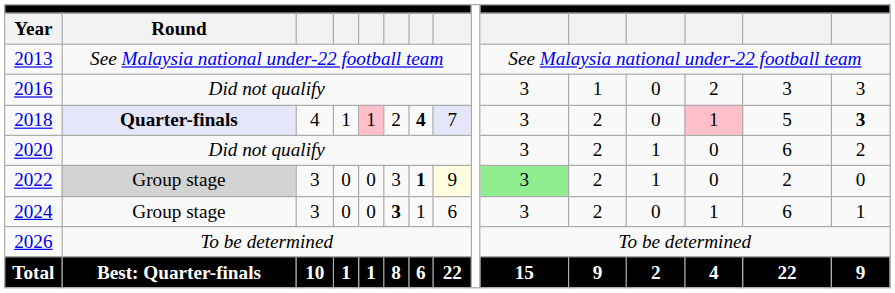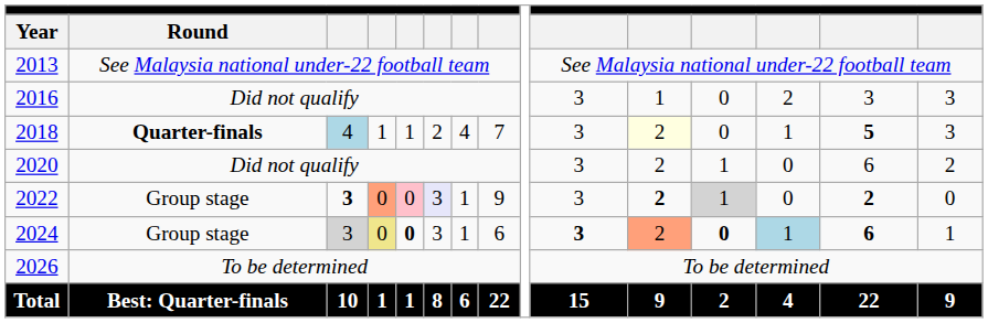 <table class="wikitable" style="text-align:center;">
 <tr>
 <th colspan="8" style="background: #000000; color: #FFFFFF;"><a href='#'></a></th>
 <th style="width:1%; background:#ffffff;" rowspan="10"></th>
 <th colspan="6" style="background: #000000; color: #FFFFFF;"><a href='#'></a></th>
 </tr>
 <tr>
 <th>Year</th>
 <th>Round</th>
 <th></th>
 <th></th>
 <th></th>
 <th></th>
 <th></th>
 <th></th>
 <th></th>
 <th></th>
 <th></th>
 <th></th>
 <th></th>
 <th></th>
 </tr>
 <tr>
 <td> <a href='#'>2013</a></td>
 <td colspan="7"><em>See <a href='#'>Malaysia national under-22 football team</a></em></td>
 <td colspan="6"><em>See <a href='#'>Malaysia national under-22 football team</a></em></td>
 </tr>
 <tr>
 <td> <a href='#'>2016</a></td>
 <td colspan="7"><em>Did not qualify</em></td>
 <td>3</td>
 <td>1</td>
 <td>0</td>
 <td>2</td>
 <td>3</td>
 <td>3</td>
 </tr>
 <tr>
 <td> <a href='#'>2018</a></td>
-<td style="background: lavender;"><strong>Quarter-finals</strong></td>
+<td><strong>Quarter-finals</strong></td>
+<td style="background: lightblue;">4</td>
+<td>1</td>
+<td>1</td>
+<td>2</td>
 <td>4</td>
+<td>7</td>
+<td>3</td>
+<td style="background: lightyellow;">2</td>
+<td>0</td>
 <td>1</td>
-<td style="background: pink;">1</td>
-<td>2</td>
-<td><strong>4</strong></td>
-<td style="background: lavender;">7</td>
+<td><strong>5</strong></td>
 <td>3</td>
-<td>2</td>
-<td>0</td>
-<td style="background: pink;">1</td>
-<td>5</td>
-<td><strong>3</strong></td>
 </tr>
 <tr>
 <td> <a href='#'>2020</a></td>
 <td colspan="7"><em>Did not qualify</em></td>
 <td>3</td>
 <td>2</td>
 <td>1</td>
 <td>0</td>
 <td>6</td>
 <td>2</td>
 </tr>
 <tr>
 <td> <a href='#'>2022</a></td>
-<td style="background: lightgrey;">Group stage</td>
+<td>Group stage</td>
+<td><strong>3</strong></td>
+<td style="background: lightsalmon;">0</td>
+<td style="background: pink;">0</td>
+<td style="background: lavender;">3</td>
+<td>1</td>
+<td>9</td>
 <td>3</td>
+<td><strong>2</strong></td>
+<td style="background: lightgrey;">1</td>
 <td>0</td>
-<td>0</td>
-<td>3</td>
-<td><strong>1</strong></td>
-<td style="background: lightyellow;">9</td>
-<td style="background: lightgreen;">3</td>
-<td>2</td>
-<td>1</td>
-<td>0</td>
-<td>2</td>
+<td><strong>2</strong></td>
 <td>0</td>
 </tr>
 <tr>
 <td> <a href='#'>2024</a></td>
 <td>Group stage</td>
+<td style="background: lightgrey;">3</td>
+<td style="background: khaki;">0</td>
+<td><strong>0</strong></td>
 <td>3</td>
-<td>0</td>
-<td>0</td>
-<td><strong>3</strong></td>
 <td>1</td>
 <td>6</td>
-<td>3</td>
-<td>2</td>
-<td>0</td>
-<td>1</td>
-<td>6</td>
+<td><strong>3</strong></td>
+<td style="background: lightsalmon;">2</td>
+<td><strong>0</strong></td>
+<td style="background: lightblue;">1</td>
+<td><strong>6</strong></td>
 <td>1</td>
 </tr>
 <tr>
 <td> <a href='#'>2026</a></td>
 <td colspan="7"><em>To be determined</em></td>
 <td colspan="6"><em>To be determined</em></td>
 </tr>
 <tr>
 <th style="background: #000000; color: #FFFFFF;">Total</th>
 <th style="background: #000000; color: #FFFFFF;">Best: Quarter-finals</th>
 <th style="background: #000000; color: #FFFFFF;">10</th>
 <th style="background: #000000; color: #FFFFFF;">1</th>
 <th style="background: #000000; color: #FFFFFF;">1</th>
 <th style="background: #000000; color: #FFFFFF;">8</th>
 <th style="background: #000000; color: #FFFFFF;">6</th>
 <th style="background: #000000; color: #FFFFFF;">22</th>
 <th style="background: #000000; color: #FFFFFF;">15</th>
 <th style="background: #000000; color: #FFFFFF;">9</th>
 <th style="background: #000000; color: #FFFFFF;">2</th>
 <th style="background: #000000; color: #FFFFFF;">4</th>
 <th style="background: #000000; color: #FFFFFF;">22</th>
 <th style="background: #000000; color: #FFFFFF;">9</th>
 </tr>
 </table>
